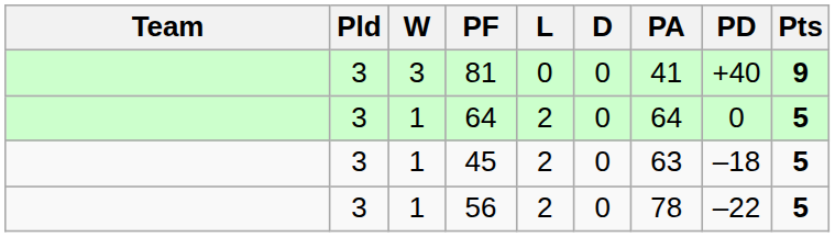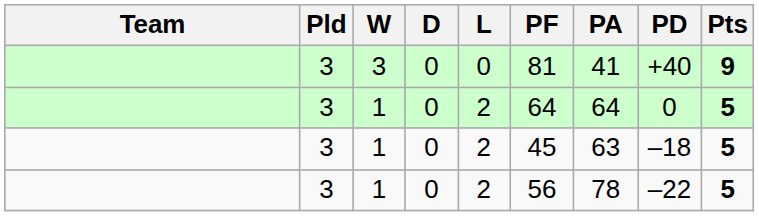 <table class="wikitable" style="text-align:center;">
 <tr>
 <th width=175>Team</th>
 <th width=25 abbr="Played">Pld</th>
 <th width=25 abbr="Won">W</th>
+<th width=25 abbr="Drawn">D</th>
+<th width=25 abbr="Lost">L</th>
 <th width=32 abbr="Points for">PF</th>
-<th width=25 abbr="Lost">L</th>
-<th width=25 abbr="Drawn">D</th>
 <th width=32 abbr="Points against">PA</th>
 <th width=32 abbr="Points difference">PD</th>
 <th width=25 abbr="Points">Pts</th>
 </tr>
 <tr bgcolor=ccffcc>
 <td align=left></td>
 <td>3</td>
 <td>3</td>
-<td>81</td>
 <td>0</td>
 <td>0</td>
+<td>81</td>
 <td>41</td>
 <td>+40</td>
 <td><strong>9</strong></td>
 </tr>
 <tr bgcolor=ccffcc>
 <td align=left></td>
 <td>3</td>
 <td>1</td>
+<td>0</td>
+<td>2</td>
 <td>64</td>
-<td>2</td>
-<td>0</td>
 <td>64</td>
 <td>0</td>
 <td><strong>5</strong></td>
 </tr>
 <tr>
 <td align=left></td>
 <td>3</td>
 <td>1</td>
+<td>0</td>
+<td>2</td>
 <td>45</td>
-<td>2</td>
-<td>0</td>
 <td>63</td>
 <td>–18</td>
 <td><strong>5</strong></td>
 </tr>
 <tr>
 <td align=left></td>
 <td>3</td>
 <td>1</td>
+<td>0</td>
+<td>2</td>
 <td>56</td>
-<td>2</td>
-<td>0</td>
 <td>78</td>
 <td>–22</td>
 <td><strong>5</strong></td>
 </tr>
 </table>
